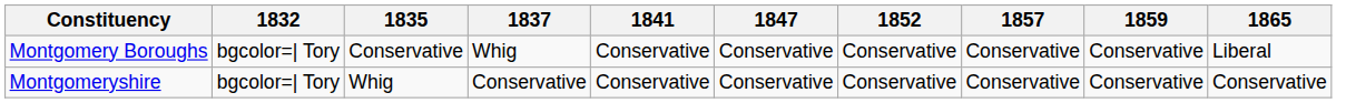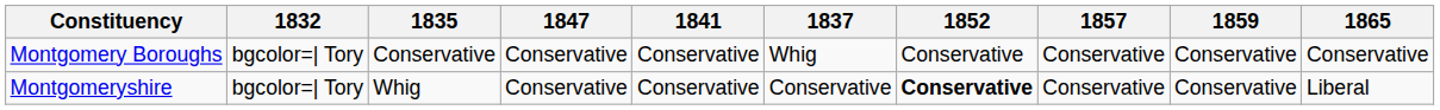 <table class=wikitable sortable>
 <tr>
 <th>Constituency</th>
 <th>1832</th>
 <th>1835</th>
+<th>1847</th>
+<th>1841</th>
 <th>1837</th>
-<th>1841</th>
-<th>1847</th>
 <th>1852</th>
 <th>1857</th>
 <th>1859</th>
 <th>1865</th>
 </tr>
 <tr>
 <td><a href='#'>Montgomery Boroughs</a></td>
 <td bgcolor=>bgcolor=| Tory</td>
 <td bgcolor=>Conservative</td>
+<td bgcolor=>Conservative</td>
+<td bgcolor=>Conservative</td>
 <td bgcolor=>Whig</td>
 <td bgcolor=>Conservative</td>
 <td bgcolor=>Conservative</td>
 <td bgcolor=>Conservative</td>
 <td bgcolor=>Conservative</td>
-<td bgcolor=>Conservative</td>
-<td bgcolor=>Liberal</td>
 </tr>
 <tr>
 <td><a href='#'>Montgomeryshire</a></td>
 <td bgcolor=>bgcolor=| Tory</td>
 <td bgcolor=>Whig</td>
 <td bgcolor=>Conservative</td>
 <td bgcolor=>Conservative</td>
 <td bgcolor=>Conservative</td>
+<td bgcolor=><strong>Conservative</strong></td>
 <td bgcolor=>Conservative</td>
 <td bgcolor=>Conservative</td>
-<td bgcolor=>Conservative</td>
-<td bgcolor=>Conservative</td>
+<td bgcolor=>Liberal</td>
 </tr>
 </table>
